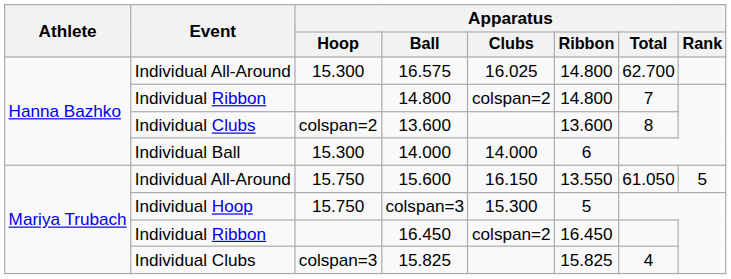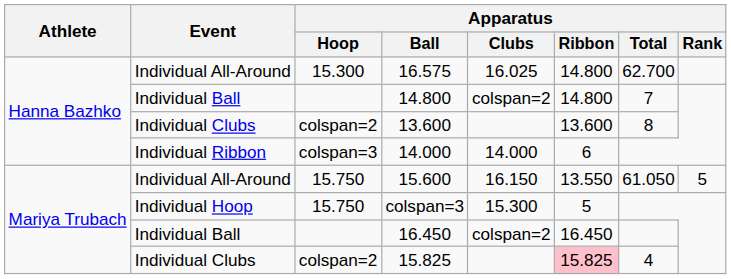 <table class="wikitable" style="font-size:90%">
 <tr>
 <th rowspan="2">Athlete</th>
 <th rowspan="2">Event</th>
 <th colspan="6">Apparatus</th>
 </tr>
 <tr style="font-size:95%">
 <th>Hoop</th>
 <th>Ball</th>
 <th>Clubs</th>
 <th>Ribbon</th>
 <th>Total</th>
 <th>Rank</th>
 </tr>
 <tr align="center">
 <td rowspan="4" align="left"><a href='#'>Hanna Bazhko</a></td>
 <td align="left">Individual All-Around</td>
 <td>15.300</td>
 <td>16.575</td>
 <td>16.025</td>
 <td>14.800</td>
 <td>62.700</td>
 <td></td>
 </tr>
 <tr align="center">
-<td align="left">Individual <a href='#'>Ribbon</a></td>
+<td align="left">Individual <a href='#'>Ball</a></td>
 <td></td>
 <td>14.800</td>
 <td>colspan=2 </td>
 <td>14.800</td>
 <td>7</td>
 </tr>
 <tr align="center">
 <td align="left">Individual <a href='#'>Clubs</a></td>
 <td>colspan=2 </td>
 <td>13.600</td>
 <td></td>
 <td>13.600</td>
 <td>8</td>
 </tr>
 <tr align="center">
-<td align="left">Individual Ball</td>
-<td>15.300</td>
+<td align="left">Individual <a href='#'>Ribbon</a></td>
+<td>colspan=3 </td>
 <td>14.000</td>
 <td>14.000</td>
 <td>6</td>
 </tr>
 <tr align="center">
 <td rowspan="4" align="left"><a href='#'>Mariya Trubach</a></td>
 <td align="left">Individual All-Around</td>
 <td>15.750</td>
 <td>15.600</td>
 <td>16.150</td>
 <td>13.550</td>
 <td>61.050</td>
 <td>5</td>
 </tr>
 <tr align="center">
 <td align="left">Individual <a href='#'>Hoop</a></td>
 <td>15.750</td>
 <td>colspan=3 </td>
 <td>15.300</td>
 <td>5</td>
 </tr>
 <tr align="center">
-<td align="left">Individual <a href='#'>Ribbon</a></td>
+<td align="left">Individual Ball</td>
 <td></td>
 <td>16.450</td>
 <td>colspan=2 </td>
 <td>16.450</td>
 <td></td>
 </tr>
 <tr align="center">
 <td align="left">Individual Clubs</td>
-<td>colspan=3 </td>
+<td>colspan=2 </td>
 <td>15.825</td>
 <td></td>
-<td>15.825</td>
+<td style="background: pink;">15.825</td>
 <td>4</td>
 </tr>
 </table>
